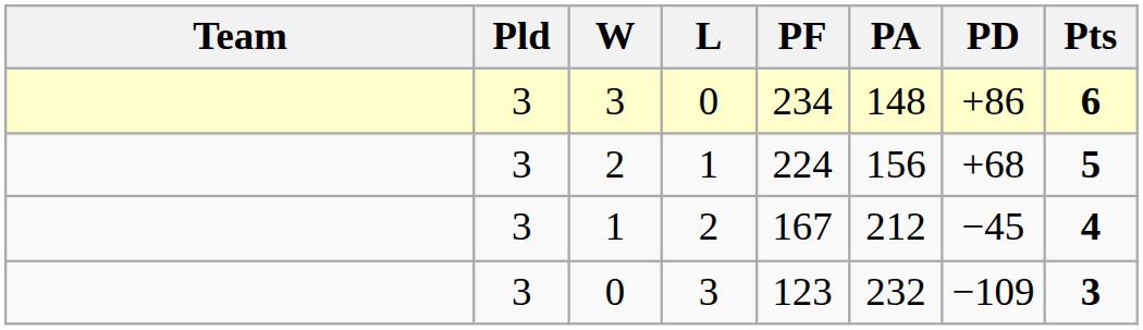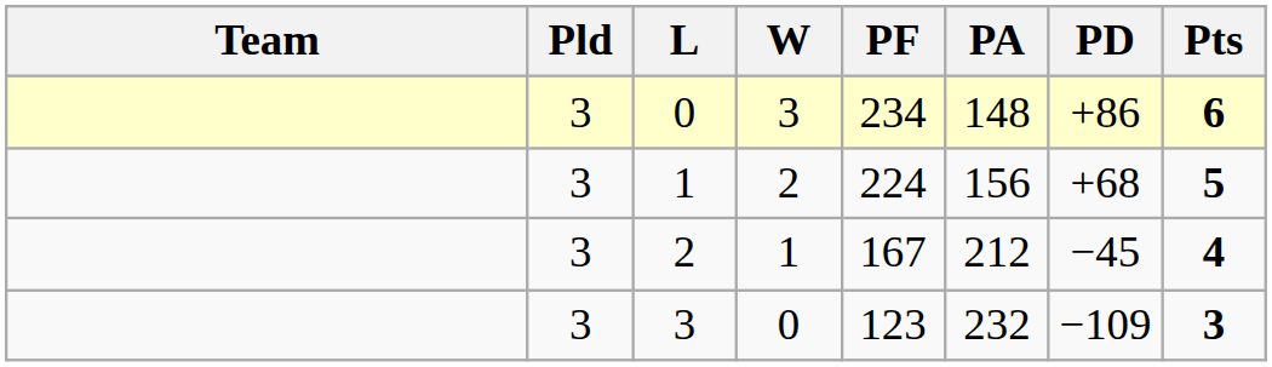 <table class=wikitable style="text-align:center">
 <tr>
 <th width=180>Team</th>
 <th width=30>Pld</th>
+<th width=30>L</th>
 <th width=30>W</th>
-<th width=30>L</th>
 <th width=30>PF</th>
 <th width=30>PA</th>
 <th width=30>PD</th>
 <th width=30>Pts</th>
 </tr>
 <tr bgcolor="#ffffcc">
 <td align="left"></td>
 <td>3</td>
+<td>0</td>
 <td>3</td>
-<td>0</td>
 <td>234</td>
 <td>148</td>
 <td>+86</td>
 <td><strong>6</strong></td>
 </tr>
 <tr>
 <td align="left"></td>
 <td>3</td>
+<td>1</td>
 <td>2</td>
-<td>1</td>
 <td>224</td>
 <td>156</td>
 <td>+68</td>
 <td><strong>5</strong></td>
 </tr>
 <tr>
 <td align="left"></td>
 <td>3</td>
+<td>2</td>
 <td>1</td>
-<td>2</td>
 <td>167</td>
 <td>212</td>
 <td>−45</td>
 <td><strong>4</strong></td>
 </tr>
 <tr>
 <td align="left"></td>
 <td>3</td>
+<td>3</td>
 <td>0</td>
-<td>3</td>
 <td>123</td>
 <td>232</td>
 <td>−109</td>
 <td><strong>3</strong></td>
 </tr>
 </table>
